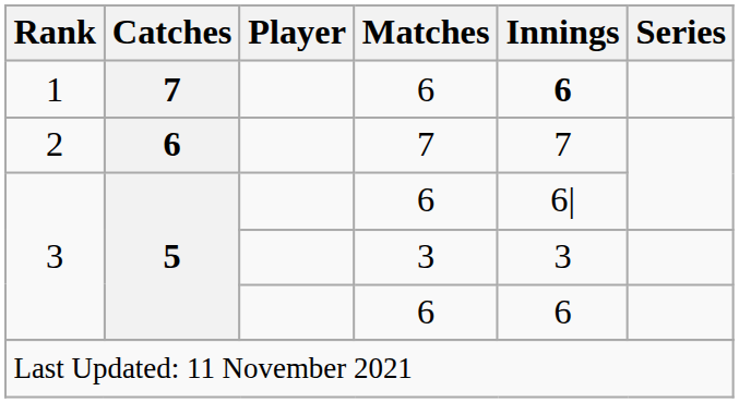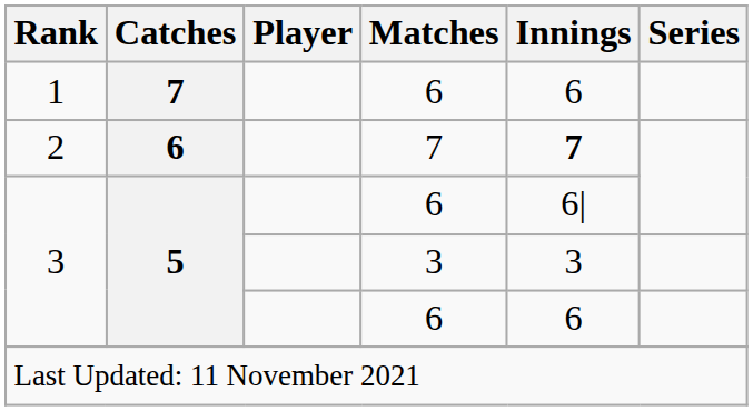 <table class="wikitable plainrowheaders sortable">
 <tr>
 <th scope=col>Rank</th>
 <th scope=col>Catches</th>
 <th scope=col>Player</th>
 <th scope=col>Matches</th>
 <th scope=col>Innings</th>
 <th scope=col>Series</th>
 </tr>
 <tr>
 <td align=center>1</td>
 <th scope=row style=text-align:center;>7</th>
 <td></td>
 <td align=center>6</td>
-<td align=center><strong>6</strong></td>
+<td align=center>6</td>
 <td></td>
 </tr>
 <tr>
 <td align=center>2</td>
 <th scope=row style=text-align:center;>6</th>
 <td></td>
 <td align=center>7</td>
-<td align=center>7</td>
+<td align=center><strong>7</strong></td>
 <td rowspan=2></td>
 </tr>
 <tr>
 <td align=center rowspan=3>3</td>
 <th scope=row style=text-align:center; rowspan=3>5</th>
 <td></td>
 <td align=center>6</td>
 <td align=center>6|</td>
 </tr>
 <tr>
 <td></td>
 <td align=center>3</td>
 <td align=center>3</td>
 <td></td>
 </tr>
 <tr>
 <td></td>
 <td align=center>6</td>
 <td align=center>6</td>
 <td></td>
 </tr>
 <tr>
 </tr>
 <tr class=sortbottom>
 <td colspan=6><small>Last Updated: 11 November 2021</small></td>
 </tr>
 </table>
